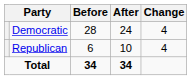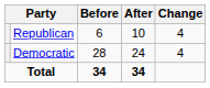 <table class="wikitable" style="text-align:center;">
 <tr>
 <th colspan="2">Party</th>
 <th>Before</th>
 <th>After</th>
 <th>Change</th>
 </tr>
 <tr>
 <th style="background-color:"></th>
-<td style="text-align:left;"><a href='#'>Democratic</a></td>
-<td>28</td>
-<td>24</td>
+<td style="text-align:left;"><a href='#'>Republican</a></td>
+<td>6</td>
+<td>10</td>
 <td> 4</td>
 </tr>
 <tr>
 <th style="background-color:"></th>
-<td style="text-align:left;"><a href='#'>Republican</a></td>
-<td>6</td>
-<td>10</td>
+<td style="text-align:left;"><a href='#'>Democratic</a></td>
+<td>28</td>
+<td>24</td>
 <td> 4</td>
 </tr>
 <tr>
 <td colspan="2"><strong>Total</strong></td>
 <td><strong>34</strong></td>
 <td><strong>34</strong></td>
 <td></td>
 </tr>
 </table>
